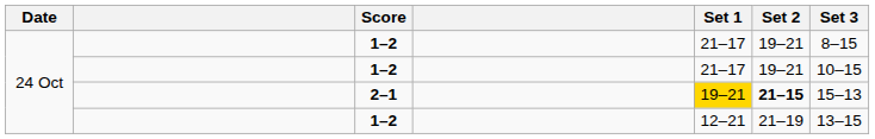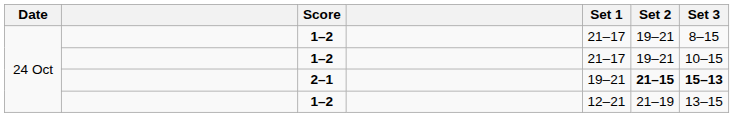 <table class="wikitable" style="text-align: center;">
 <tr>
 <th width="60">Date</th>
 <th align="right" width="270"></th>
 <th width="50">Score</th>
 <th align="left" width="270"></th>
 <th width="50">Set 1</th>
 <th width="50">Set 2</th>
 <th width="50">Set 3</th>
 </tr>
 <tr>
 <td rowspan=4>24 Oct</td>
 <td align=left></td>
 <td align=center><strong>1–2</strong></td>
 <td align=left><strong></strong></td>
 <td>21–17</td>
 <td>19–21</td>
 <td>8–15</td>
 </tr>
 <tr>
 <td align=left></td>
 <td align=center><strong>1–2</strong></td>
 <td align=left><strong></strong></td>
 <td>21–17</td>
 <td>19–21</td>
 <td>10–15</td>
 </tr>
 <tr>
 <td align=left><strong></strong></td>
 <td align=center><strong>2–1</strong></td>
 <td align=left></td>
-<td style="background: gold;">19–21</td>
+<td>19–21</td>
 <td><strong>21–15</strong></td>
-<td>15–13</td>
+<td><strong>15–13</strong></td>
 </tr>
 <tr>
 <td align=left></td>
 <td align=center><strong>1–2</strong></td>
 <td align=left><strong></strong></td>
 <td>12–21</td>
 <td>21–19</td>
 <td>13–15</td>
 </tr>
 </table>
